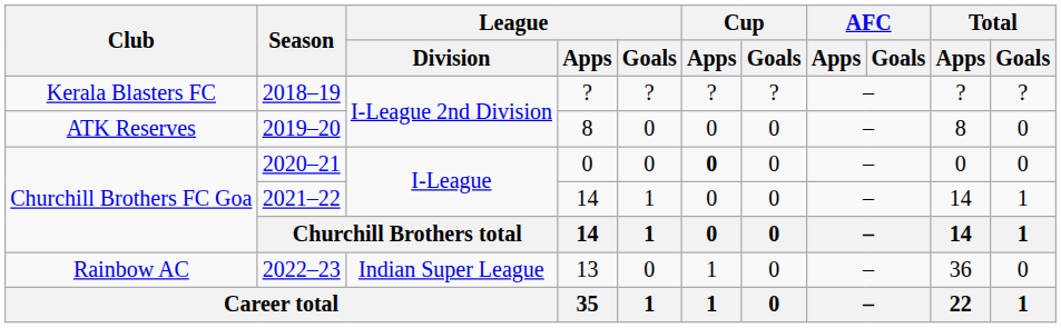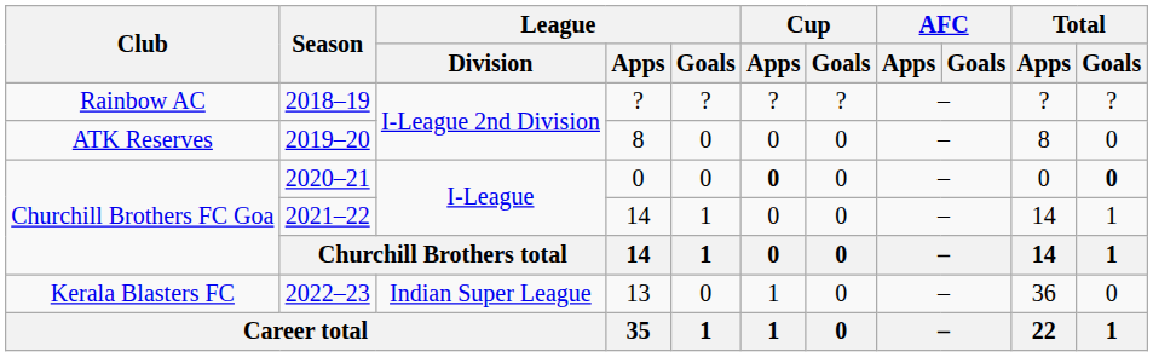 <table class="wikitable" style="text-align:center">
 <tr>
 <th rowspan="2">Club</th>
 <th rowspan="2">Season</th>
 <th colspan="3">League</th>
 <th colspan="2">Cup</th>
 <th colspan="2"><a href='#'>AFC</a></th>
 <th colspan="2">Total</th>
 </tr>
 <tr>
 <th>Division</th>
 <th>Apps</th>
 <th>Goals</th>
 <th>Apps</th>
 <th>Goals</th>
 <th>Apps</th>
 <th>Goals</th>
 <th>Apps</th>
 <th>Goals</th>
 </tr>
 <tr>
-<td><a href='#'>Kerala Blasters FC</a></td>
+<td rowspan="1"><a href='#'>Rainbow AC</a></td>
 <td><a href='#'>2018–19</a></td>
 <td rowspan="2"><a href='#'>I-League 2nd Division</a></td>
 <td>?</td>
 <td>?</td>
 <td>?</td>
 <td>?</td>
 <td colspan="2">–</td>
 <td>?</td>
 <td>?</td>
 </tr>
 <tr>
 <td rowspan="1"><a href='#'>ATK Reserves</a></td>
 <td><a href='#'>2019–20</a></td>
 <td>8</td>
 <td>0</td>
 <td>0</td>
 <td>0</td>
 <td colspan="2">–</td>
 <td>8</td>
 <td>0</td>
 </tr>
 <tr>
 <td rowspan="3"><a href='#'>Churchill Brothers FC Goa</a></td>
 <td><a href='#'>2020–21</a></td>
 <td rowspan="2"><a href='#'>I-League</a></td>
 <td>0</td>
 <td>0</td>
 <td><strong>0</strong></td>
 <td>0</td>
 <td colspan="2">–</td>
 <td>0</td>
-<td>0</td>
+<td><strong>0</strong></td>
 </tr>
 <tr>
 <td><a href='#'>2021–22</a></td>
 <td>14</td>
 <td>1</td>
 <td>0</td>
 <td>0</td>
 <td colspan="2">–</td>
 <td>14</td>
 <td>1</td>
 </tr>
 <tr>
 <th colspan="2">Churchill Brothers total</th>
 <th>14</th>
 <th>1</th>
 <th>0</th>
 <th>0</th>
 <th colspan="2">–</th>
 <th>14</th>
 <th>1</th>
 </tr>
 <tr>
-<td rowspan="1"><a href='#'>Rainbow AC</a></td>
+<td><a href='#'>Kerala Blasters FC</a></td>
 <td><a href='#'>2022–23</a></td>
 <td><a href='#'>Indian Super League</a></td>
 <td>13</td>
 <td>0</td>
 <td>1</td>
 <td>0</td>
 <td colspan="2">–</td>
 <td>36</td>
 <td>0</td>
 </tr>
 <tr>
 <th colspan="3">Career total</th>
 <th>35</th>
 <th>1</th>
 <th>1</th>
 <th>0</th>
 <th colspan="2">–</th>
 <th>22</th>
 <th>1</th>
 </tr>
 </table>
